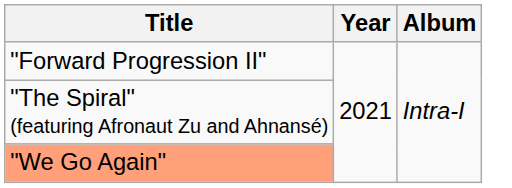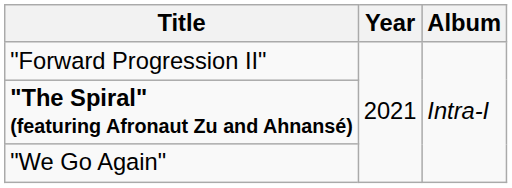 <table class="wikitable">
 <tr>
 <th>Title</th>
 <th>Year</th>
 <th>Album</th>
 </tr>
 <tr>
 <td>"Forward Progression II"</td>
 <td rowspan="3">2021</td>
 <td rowspan="3"><em>Intra-I</em></td>
 </tr>
 <tr>
-<td>"The Spiral"<br><small>(featuring Afronaut Zu and Ahnansé)</small></td>
+<td><strong>"The Spiral"<br><small>(featuring Afronaut Zu and Ahnansé)</small></strong></td>
 </tr>
 <tr>
-<td style="background: lightsalmon;">"We Go Again"</td>
+<td>"We Go Again"</td>
 </tr>
 </table>
